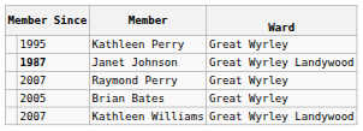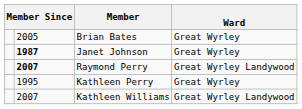 <table class="wikitable">
 <tr>
 <th colspan="2">Member Since</th>
 <th>Member</th>
 <th><br>Ward</th>
+</tr>
+<tr>
+<td style="background-color: "></td>
+<td>2005</td>
+<td>Brian Bates</td>
+<td>Great Wyrley</td>
+</tr>
+<tr>
+<td style="background-color: "></td>
+<td><strong>1987</strong></td>
+<td>Janet Johnson</td>
+<td>Great Wyrley</td>
+</tr>
+<tr>
+<td style="background-color: "></td>
+<td><strong>2007</strong></td>
+<td>Raymond Perry</td>
+<td>Great Wyrley Landywood</td>
 </tr>
 <tr>
 <td style="background-color: "></td>
 <td>1995</td>
 <td>Kathleen Perry</td>
 <td>Great Wyrley</td>
 </tr>
 <tr>
 <td style="background-color: "></td>
-<td><strong>1987</strong></td>
-<td>Janet Johnson</td>
-<td>Great Wyrley Landywood</td>
-</tr>
-<tr>
-<td style="background-color: "></td>
-<td>2007</td>
-<td>Raymond Perry</td>
-<td>Great Wyrley</td>
-</tr>
-<tr>
-<td style="background-color: "></td>
-<td>2005</td>
-<td>Brian Bates</td>
-<td>Great Wyrley</td>
-</tr>
-<tr>
-<td style="background-color: "></td>
 <td>2007</td>
 <td>Kathleen Williams</td>
 <td>Great Wyrley Landywood</td>
 </tr>
 </table>
